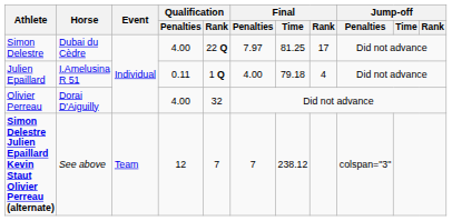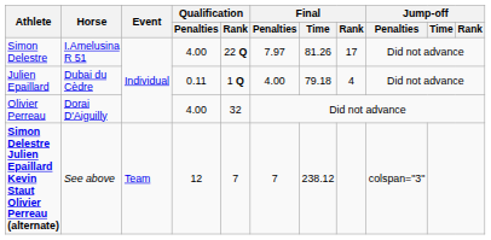 <table class="wikitable" style="font-size:90%">
 <tr>
 <th rowspan="2">Athlete</th>
 <th rowspan="2">Horse</th>
 <th rowspan="2">Event</th>
 <th colspan="2">Qualification</th>
 <th colspan="3">Final</th>
 <th colspan="3">Jump-off</th>
 </tr>
 <tr style="font-size:95%">
 <th>Penalties</th>
 <th>Rank</th>
 <th>Penalties</th>
 <th>Time</th>
 <th>Rank</th>
 <th>Penalties</th>
 <th>Time</th>
 <th>Rank</th>
 </tr>
 <tr align=center>
 <td align=left><a href='#'>Simon Delestre</a></td>
-<td align=left><a href='#'>Dubai du Cèdre</a></td>
+<td align=left><a href='#'>I.Amelusina R 51</a></td>
 <td align=left rowspan=3><a href='#'>Individual</a></td>
 <td>4.00</td>
 <td>22 <strong>Q</strong></td>
 <td>7.97</td>
-<td>81.25</td>
+<td>81.26</td>
 <td>17</td>
 <td colspan="3">Did not advance</td>
 </tr>
 <tr align=center>
 <td align=left><a href='#'>Julien Epaillard</a></td>
-<td align=left><a href='#'>I.Amelusina R 51</a></td>
+<td align=left><a href='#'>Dubai du Cèdre</a></td>
 <td>0.11</td>
 <td>1 <strong>Q</strong></td>
 <td>4.00</td>
 <td>79.18</td>
 <td>4</td>
 <td colspan="3">Did not advance</td>
 </tr>
 <tr align=center>
 <td align=left><a href='#'>Olivier Perreau</a></td>
 <td align=left><a href='#'>Dorai D'Aiguilly</a></td>
 <td>4.00</td>
 <td>32</td>
 <td colspan="6">Did not advance</td>
 </tr>
 <tr align=center>
 <td align=left><strong><a href='#'>Simon Delestre</a><br><a href='#'>Julien Epaillard</a><br><a href='#'>Kevin Staut</a><br><a href='#'>Olivier Perreau</a> (alternate)</strong></td>
 <td align=left><em>See above</em></td>
 <td align=left><a href='#'>Team</a></td>
 <td>12</td>
 <td>7</td>
 <td>7</td>
 <td>238.12</td>
 <td></td>
 <td>colspan="3" </td>
 </tr>
 </table>
